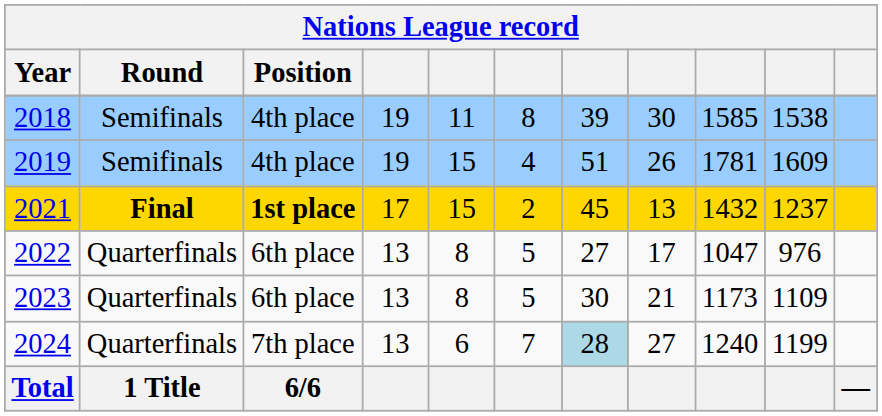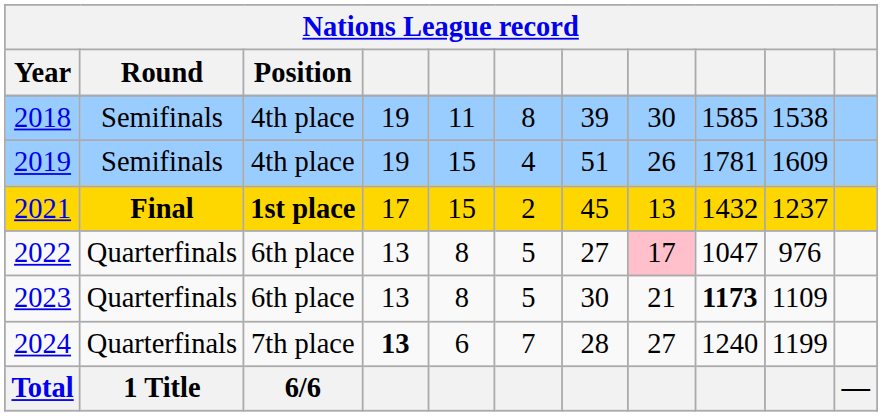 <table class="wikitable" style="text-align: center;">
 <tr>
 <th colspan=11><a href='#'>Nations League record</a></th>
 </tr>
 <tr>
 <th>Year</th>
 <th>Round</th>
 <th>Position</th>
 <th width=30></th>
 <th width=30></th>
 <th width=30></th>
 <th width=30></th>
 <th width=30></th>
 <th width=30></th>
 <th width=30></th>
 <th></th>
 </tr>
 <tr>
 </tr>
 <tr bgcolor="9acdff">
 <td> <a href='#'>2018</a></td>
 <td>Semifinals</td>
 <td>4th place</td>
 <td>19</td>
 <td>11</td>
 <td>8</td>
 <td>39</td>
 <td>30</td>
 <td>1585</td>
 <td>1538</td>
 <td></td>
 </tr>
 <tr bgcolor="9acdff">
 <td> <a href='#'>2019</a></td>
 <td>Semifinals</td>
 <td>4th place</td>
 <td>19</td>
 <td>15</td>
 <td>4</td>
 <td>51</td>
 <td>26</td>
 <td>1781</td>
 <td>1609</td>
 <td></td>
 </tr>
 <tr bgcolor=gold>
 <td> <a href='#'>2021</a></td>
 <td><strong>Final</strong></td>
 <td><strong>1st place</strong></td>
 <td>17</td>
 <td>15</td>
 <td>2</td>
 <td>45</td>
 <td>13</td>
 <td>1432</td>
 <td>1237</td>
 <td></td>
 </tr>
 <tr>
 <td> <a href='#'>2022</a></td>
 <td>Quarterfinals</td>
 <td>6th place</td>
 <td>13</td>
 <td>8</td>
 <td>5</td>
 <td>27</td>
-<td>17</td>
+<td style="background: pink;">17</td>
 <td>1047</td>
 <td>976</td>
 <td></td>
 </tr>
 <tr>
 <td> <a href='#'>2023</a></td>
 <td>Quarterfinals</td>
 <td>6th place</td>
 <td>13</td>
 <td>8</td>
 <td>5</td>
 <td>30</td>
 <td>21</td>
-<td>1173</td>
+<td><strong>1173</strong></td>
 <td>1109</td>
 <td></td>
 </tr>
 <tr>
 <td> <a href='#'>2024</a></td>
 <td>Quarterfinals</td>
 <td>7th place</td>
-<td>13</td>
+<td><strong>13</strong></td>
 <td>6</td>
 <td>7</td>
-<td style="background: lightblue;">28</td>
+<td>28</td>
 <td>27</td>
 <td>1240</td>
 <td>1199</td>
 <td></td>
 </tr>
 <tr>
 <th><a href='#'>Total</a></th>
 <th>1 Title</th>
 <th>6/6</th>
 <th></th>
 <th></th>
 <th></th>
 <th></th>
 <th></th>
 <th></th>
 <th></th>
 <th>—</th>
 </tr>
 </table>
